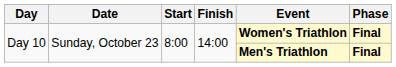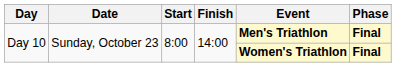 <table class=wikitable>
 <tr>
 <th>Day</th>
 <th>Date</th>
 <th>Start</th>
 <th>Finish</th>
 <th>Event</th>
 <th>Phase</th>
 </tr>
 <tr>
 <td rowspan=2>Day 10</td>
 <td rowspan=2>Sunday, October 23</td>
 <td rowspan=2>8:00</td>
 <td rowspan=2>14:00</td>
+<td style=background:lemonchiffon><strong>Men's Triathlon</strong></td>
+<td style=background:lemonchiffon><strong>Final</strong></td>
+</tr>
+<tr>
 <td style=background:lemonchiffon><strong>Women's Triathlon</strong></td>
 <td style=background:lemonchiffon><strong>Final</strong></td>
 </tr>
-<tr>
-<td style=background:lemonchiffon><strong>Men's Triathlon</strong></td>
-<td style=background:lemonchiffon><strong>Final</strong></td>
-</tr>
 </table>
